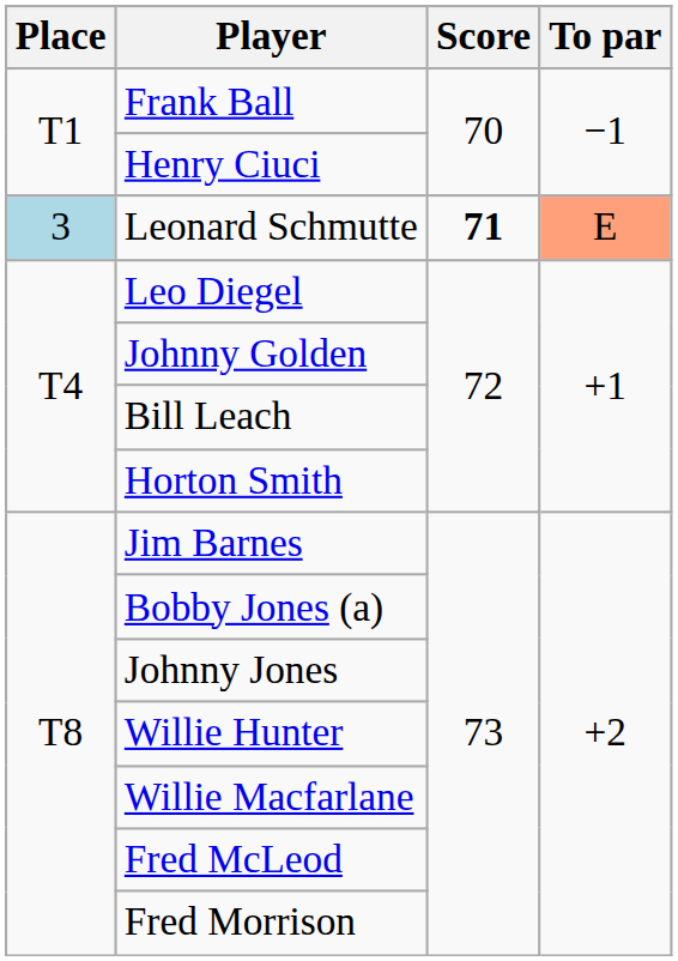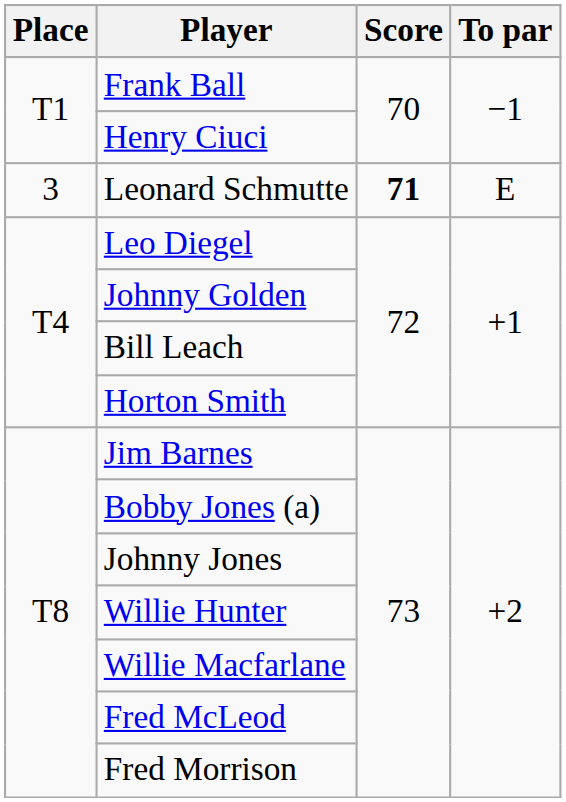 <table class=wikitable>
 <tr>
 <th>Place</th>
 <th>Player</th>
 <th>Score</th>
 <th>To par</th>
 </tr>
 <tr>
 <td rowspan=2 align=center>T1</td>
 <td> <a href='#'>Frank Ball</a></td>
 <td rowspan=2 align=center>70</td>
 <td rowspan=2 align=center>−1</td>
 </tr>
 <tr>
 <td> <a href='#'>Henry Ciuci</a></td>
 </tr>
 <tr>
-<td align=center style="background: lightblue;">3</td>
+<td align=center>3</td>
 <td> Leonard Schmutte</td>
 <td align=center><strong>71</strong></td>
-<td align=center style="background: lightsalmon;">E</td>
+<td align=center>E</td>
 </tr>
 <tr>
 <td rowspan=4 align=center>T4</td>
 <td> <a href='#'>Leo Diegel</a></td>
 <td rowspan=4 align=center>72</td>
 <td rowspan=4 align=center>+1</td>
 </tr>
 <tr>
 <td> <a href='#'>Johnny Golden</a></td>
 </tr>
 <tr>
 <td> Bill Leach</td>
 </tr>
 <tr>
 <td> <a href='#'>Horton Smith</a></td>
 </tr>
 <tr>
 <td rowspan=7 align=center>T8</td>
 <td> <a href='#'>Jim Barnes</a></td>
 <td rowspan=7 align=center>73</td>
 <td rowspan=7 align=center>+2</td>
 </tr>
 <tr>
 <td> <a href='#'>Bobby Jones</a> (a)</td>
 </tr>
 <tr>
 <td> Johnny Jones  </td>
 </tr>
 <tr>
 <td> <a href='#'>Willie Hunter</a></td>
 </tr>
 <tr>
 <td> <a href='#'>Willie Macfarlane</a></td>
 </tr>
 <tr>
 <td> <a href='#'>Fred McLeod</a></td>
 </tr>
 <tr>
 <td> Fred Morrison  </td>
 </tr>
 </table>
